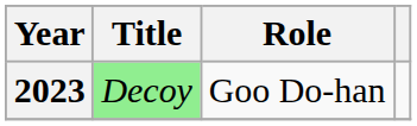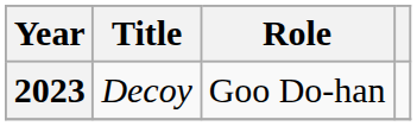 <table class="wikitable plainrowheaders">
 <tr>
 <th scope="col">Year</th>
 <th scope="col">Title</th>
 <th scope="col">Role</th>
 <th scope="col" class="unsortable"></th>
 </tr>
 <tr>
 <th scope="row">2023</th>
-<td style="background: lightgreen;"><em>Decoy</em></td>
+<td><em>Decoy</em></td>
 <td>Goo Do-han</td>
 <td></td>
 </tr>
 <tr>
 </tr>
 </table>
